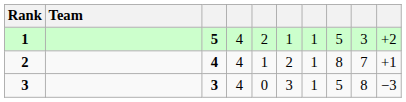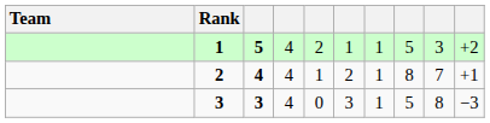 <table class="wikitable" style="text-align:center">
 <tr>
+<th width=165 style="text-align:left">Team</th>
 <th width=30>Rank</th>
-<th width=165 style="text-align:left">Team</th>
 <th width=20></th>
 <th width=20></th>
 <th width=20></th>
 <th width=20></th>
 <th width=20></th>
 <th width=20></th>
 <th width=20></th>
 <th width=20></th>
 </tr>
 <tr bgcolor="#ccffcc">
+<td align="left"></td>
 <td><strong>1</strong></td>
-<td align="left"></td>
 <td><strong>5</strong></td>
 <td>4</td>
 <td>2</td>
 <td>1</td>
 <td>1</td>
 <td>5</td>
 <td>3</td>
 <td>+2</td>
 </tr>
 <tr>
+<td align="left"></td>
 <td><strong>2</strong></td>
-<td align="left"></td>
 <td><strong>4</strong></td>
 <td>4</td>
 <td>1</td>
 <td>2</td>
 <td>1</td>
 <td>8</td>
 <td>7</td>
 <td>+1</td>
 </tr>
 <tr>
+<td align="left"></td>
 <td><strong>3</strong></td>
-<td align="left"></td>
 <td><strong>3</strong></td>
 <td>4</td>
 <td>0</td>
 <td>3</td>
 <td>1</td>
 <td>5</td>
 <td>8</td>
 <td>−3</td>
 </tr>
 </table>
